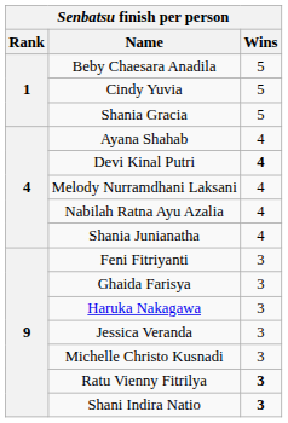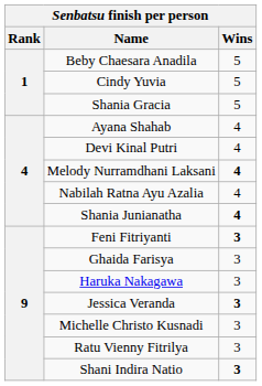 <table class="wikitable sortable plainrowheaders" style=text-align:center>
 <tr>
 <th colspan=3><em>Senbatsu</em> finish per person</th>
 </tr>
 <tr>
 <th scope=col>Rank</th>
 <th scope=col>Name</th>
 <th scope=col>Wins</th>
 </tr>
 <tr>
 <th scope=row rowspan=3 style=text-align:center>1</th>
 <td>Beby Chaesara Anadila</td>
 <td>5</td>
 </tr>
 <tr>
 <td>Cindy Yuvia</td>
 <td>5</td>
 </tr>
 <tr>
 <td>Shania Gracia</td>
 <td>5</td>
 </tr>
 <tr>
 <th scope=row rowspan=5 style=text-align:center>4</th>
 <td>Ayana Shahab</td>
 <td>4</td>
 </tr>
 <tr>
 <td>Devi Kinal Putri</td>
-<td><strong>4</strong></td>
+<td>4</td>
 </tr>
 <tr>
 <td>Melody Nurramdhani Laksani</td>
-<td>4</td>
+<td><strong>4</strong></td>
 </tr>
 <tr>
 <td>Nabilah Ratna Ayu Azalia</td>
 <td>4</td>
 </tr>
 <tr>
 <td>Shania Junianatha</td>
-<td>4</td>
+<td><strong>4</strong></td>
 </tr>
 <tr>
 <th scope=row rowspan=7 style=text-align:center>9</th>
 <td>Feni Fitriyanti</td>
-<td>3</td>
+<td><strong>3</strong></td>
 </tr>
 <tr>
 <td>Ghaida Farisya</td>
 <td>3</td>
 </tr>
 <tr>
 <td><a href='#'>Haruka Nakagawa</a></td>
 <td>3</td>
 </tr>
 <tr>
 <td>Jessica Veranda</td>
-<td>3</td>
+<td><strong>3</strong></td>
 </tr>
 <tr>
 <td>Michelle Christo Kusnadi</td>
 <td>3</td>
 </tr>
 <tr>
 <td>Ratu Vienny Fitrilya</td>
-<td><strong>3</strong></td>
+<td>3</td>
 </tr>
 <tr>
 <td>Shani Indira Natio</td>
 <td><strong>3</strong></td>
 </tr>
 </table>
